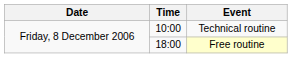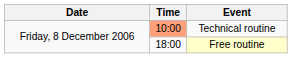 <table class = "wikitable" style="text-align:center;">
 <tr>
 <th width=220>Date</th>
 <th width=50>Time</th>
 <th width=150>Event</th>
 </tr>
 <tr>
 <td rowspan=2>Friday, 8 December 2006</td>
-<td>10:00</td>
+<td style="background: lightsalmon;">10:00</td>
 <td>Technical routine</td>
 </tr>
 <tr>
 <td>18:00</td>
 <td bgcolor=ffffcc>Free routine</td>
 </tr>
 </table>
